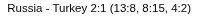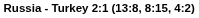 <table style="text-align:center">
 <tr>
 <th width=500></th>
 </tr>
 <tr>
-<td>Russia - Turkey 2:1 (13:8, 8:15, 4:2)</td>
+<td><strong>Russia - Turkey 2:1 (13:8, 8:15, 4:2)</strong></td>
 </tr>
 <tr>
 </tr>
 </table>
